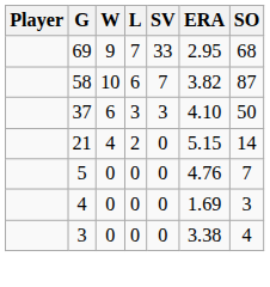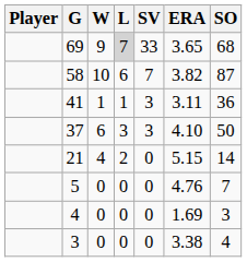 <table class="wikitable sortable" style="text-align:center">
 <tr>
 <th>Player</th>
 <th>G</th>
 <th>W</th>
 <th>L</th>
 <th>SV</th>
 <th>ERA</th>
 <th>SO</th>
 </tr>
 <tr>
 <td></td>
 <td>69</td>
 <td>9</td>
-<td>7</td>
+<td style="background: lightgrey;">7</td>
 <td>33</td>
-<td>2.95</td>
+<td>3.65</td>
 <td>68</td>
 </tr>
 <tr>
 <td></td>
 <td>58</td>
 <td>10</td>
 <td>6</td>
 <td>7</td>
 <td>3.82</td>
 <td>87</td>
+</tr>
+<tr>
+<td></td>
+<td>41</td>
+<td>1</td>
+<td>1</td>
+<td>3</td>
+<td>3.11</td>
+<td>36</td>
 </tr>
 <tr>
 <td></td>
 <td>37</td>
 <td>6</td>
 <td>3</td>
 <td>3</td>
 <td>4.10</td>
 <td>50</td>
 </tr>
 <tr>
 <td></td>
 <td>21</td>
 <td>4</td>
 <td>2</td>
 <td>0</td>
 <td>5.15</td>
 <td>14</td>
 </tr>
 <tr>
 <td></td>
 <td>5</td>
 <td>0</td>
 <td>0</td>
 <td>0</td>
 <td>4.76</td>
 <td>7</td>
 </tr>
 <tr>
 <td></td>
 <td>4</td>
 <td>0</td>
 <td>0</td>
 <td>0</td>
 <td>1.69</td>
 <td>3</td>
 </tr>
 <tr>
 <td></td>
 <td>3</td>
 <td>0</td>
 <td>0</td>
 <td>0</td>
 <td>3.38</td>
 <td>4</td>
 </tr>
 </table>
